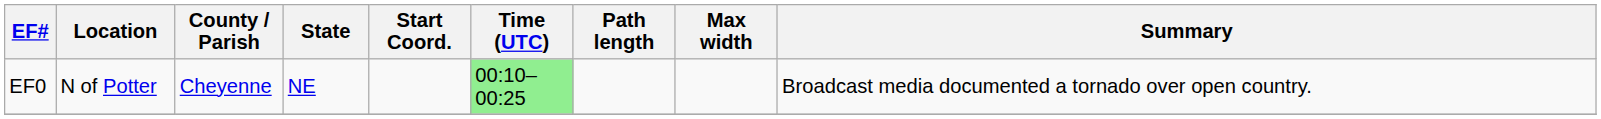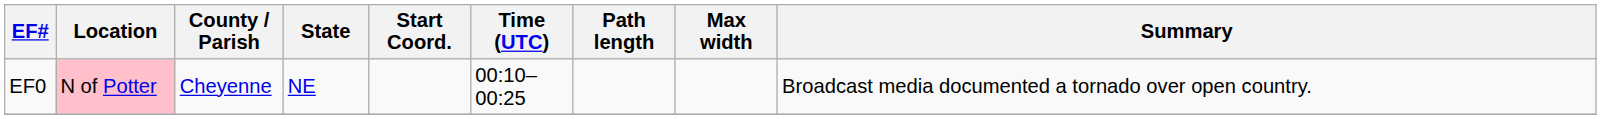 <table class="wikitable sortable" style="width:100%;">
 <tr>
 <th scope="col"  style="width:3%; text-align:center;"><a href='#'>EF#</a></th>
 <th scope="col"  style="width:7%; text-align:center;" class="unsortable">Location</th>
 <th scope="col"  style="width:6%; text-align:center;" class="unsortable">County / Parish</th>
 <th scope="col"  style="width:5%; text-align:center;">State</th>
 <th scope="col"  style="width:6%; text-align:center;">Start Coord.</th>
 <th scope="col"  style="width:6%; text-align:center;">Time (<a href='#'>UTC</a>)</th>
 <th scope="col"  style="width:6%; text-align:center;">Path length</th>
 <th scope="col"  style="width:6%; text-align:center;">Max width</th>
 <th scope="col" class="unsortable" style="width:48%; text-align:center;">Summary</th>
 </tr>
 <tr>
 <td>EF0</td>
-<td>N of <a href='#'>Potter</a></td>
+<td style="background: pink;">N of <a href='#'>Potter</a></td>
 <td><a href='#'>Cheyenne</a></td>
 <td><a href='#'>NE</a></td>
 <td></td>
-<td style="background: lightgreen;">00:10–00:25</td>
+<td>00:10–00:25</td>
 <td></td>
 <td></td>
 <td>Broadcast media documented a tornado over open country.</td>
 </tr>
 <tr>
 </tr>
 </table>
